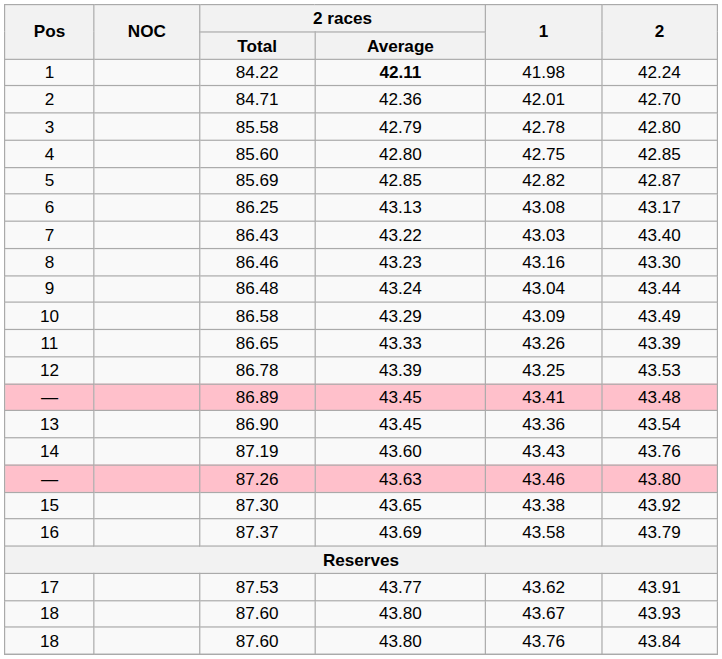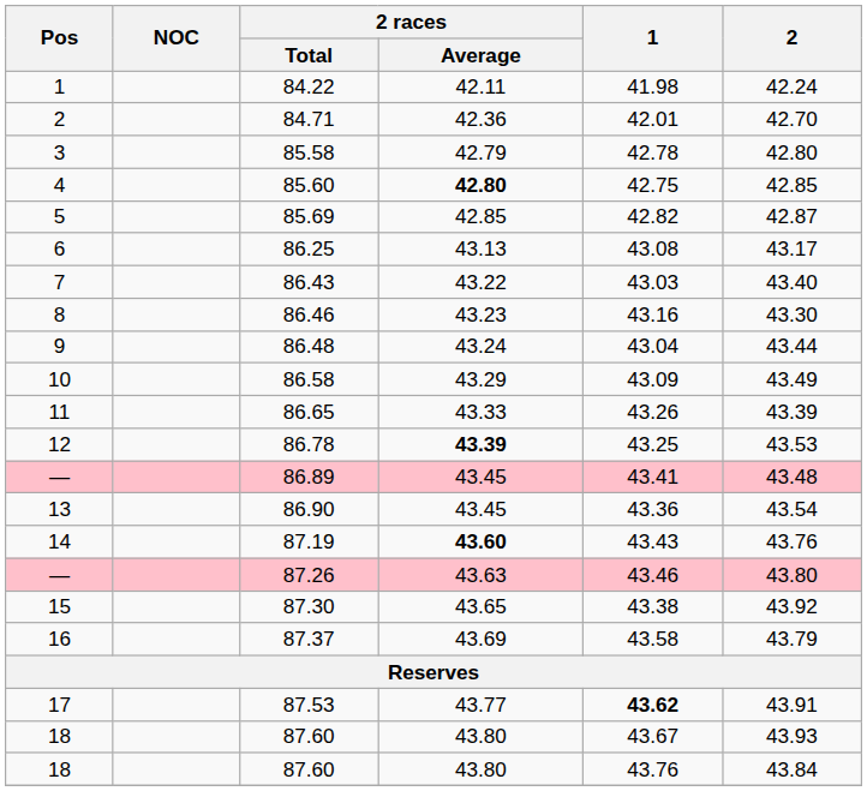 <table class="wikitable" width=600 style="text-align:center; font-size:90%">
 <tr>
 <th rowspan=2>Pos</th>
 <th rowspan=2>NOC</th>
 <th colspan=2>2 races</th>
 <th rowspan=2>1</th>
 <th rowspan=2>2</th>
 </tr>
 <tr>
 <th>Total</th>
 <th>Average</th>
 </tr>
 <tr>
 <td>1</td>
 <td align="left"></td>
 <td>84.22</td>
-<td><strong>42.11</strong></td>
+<td>42.11</td>
 <td>41.98</td>
 <td>42.24</td>
 </tr>
 <tr>
 <td>2</td>
 <td align="left"></td>
 <td>84.71</td>
 <td>42.36</td>
 <td>42.01</td>
 <td>42.70</td>
 </tr>
 <tr>
 <td>3</td>
 <td align="left"></td>
 <td>85.58</td>
 <td>42.79</td>
 <td>42.78</td>
 <td>42.80</td>
 </tr>
 <tr>
 <td>4</td>
 <td align="left"></td>
 <td>85.60</td>
-<td>42.80</td>
+<td><strong>42.80</strong></td>
 <td>42.75</td>
 <td>42.85</td>
 </tr>
 <tr>
 <td>5</td>
 <td align="left"></td>
 <td>85.69</td>
 <td>42.85</td>
 <td>42.82</td>
 <td>42.87</td>
 </tr>
 <tr>
 <td>6</td>
 <td align="left"></td>
 <td>86.25</td>
 <td>43.13</td>
 <td>43.08</td>
 <td>43.17</td>
 </tr>
 <tr>
 <td>7</td>
 <td align="left"></td>
 <td>86.43</td>
 <td>43.22</td>
 <td>43.03</td>
 <td>43.40</td>
 </tr>
 <tr>
 <td>8</td>
 <td align="left"></td>
 <td>86.46</td>
 <td>43.23</td>
 <td>43.16</td>
 <td>43.30</td>
 </tr>
 <tr>
 <td>9</td>
 <td align="left"></td>
 <td>86.48</td>
 <td>43.24</td>
 <td>43.04</td>
 <td>43.44</td>
 </tr>
 <tr>
 <td>10</td>
 <td align="left"></td>
 <td>86.58</td>
 <td>43.29</td>
 <td>43.09</td>
 <td>43.49</td>
 </tr>
 <tr>
 <td>11</td>
 <td align="left"></td>
 <td>86.65</td>
 <td>43.33</td>
 <td>43.26</td>
 <td>43.39</td>
 </tr>
 <tr>
 <td>12</td>
 <td align="left"></td>
 <td>86.78</td>
-<td>43.39</td>
+<td><strong>43.39</strong></td>
 <td>43.25</td>
 <td>43.53</td>
 </tr>
 <tr bgcolor=#FFC0CB>
 <td>—</td>
 <td align="left"></td>
 <td>86.89</td>
 <td>43.45</td>
 <td>43.41</td>
 <td>43.48</td>
 </tr>
 <tr>
 <td>13</td>
 <td align="left"></td>
 <td>86.90</td>
 <td>43.45</td>
 <td>43.36</td>
 <td>43.54</td>
 </tr>
 <tr>
 <td>14</td>
 <td align="left"></td>
 <td>87.19</td>
-<td>43.60</td>
+<td><strong>43.60</strong></td>
 <td>43.43</td>
 <td>43.76</td>
 </tr>
 <tr bgcolor=#FFC0CB>
 <td>—</td>
 <td align="left"></td>
 <td>87.26</td>
 <td>43.63</td>
 <td>43.46</td>
 <td>43.80</td>
 </tr>
 <tr>
 <td>15</td>
 <td align="left"></td>
 <td>87.30</td>
 <td>43.65</td>
 <td>43.38</td>
 <td>43.92</td>
 </tr>
 <tr>
 <td>16</td>
 <td align="left"></td>
 <td>87.37</td>
 <td>43.69</td>
 <td>43.58</td>
 <td>43.79</td>
 </tr>
 <tr>
 <th colspan=6>Reserves</th>
 </tr>
 <tr>
 <td>17</td>
 <td align="left"></td>
 <td>87.53</td>
 <td>43.77</td>
-<td>43.62</td>
+<td><strong>43.62</strong></td>
 <td>43.91</td>
 </tr>
 <tr>
 <td>18</td>
 <td align="left"></td>
 <td>87.60</td>
 <td>43.80</td>
 <td>43.67</td>
 <td>43.93</td>
 </tr>
 <tr>
 <td>18</td>
 <td align="left"></td>
 <td>87.60</td>
 <td>43.80</td>
 <td>43.76</td>
 <td>43.84</td>
 </tr>
 <tr>
 </tr>
 </table>
